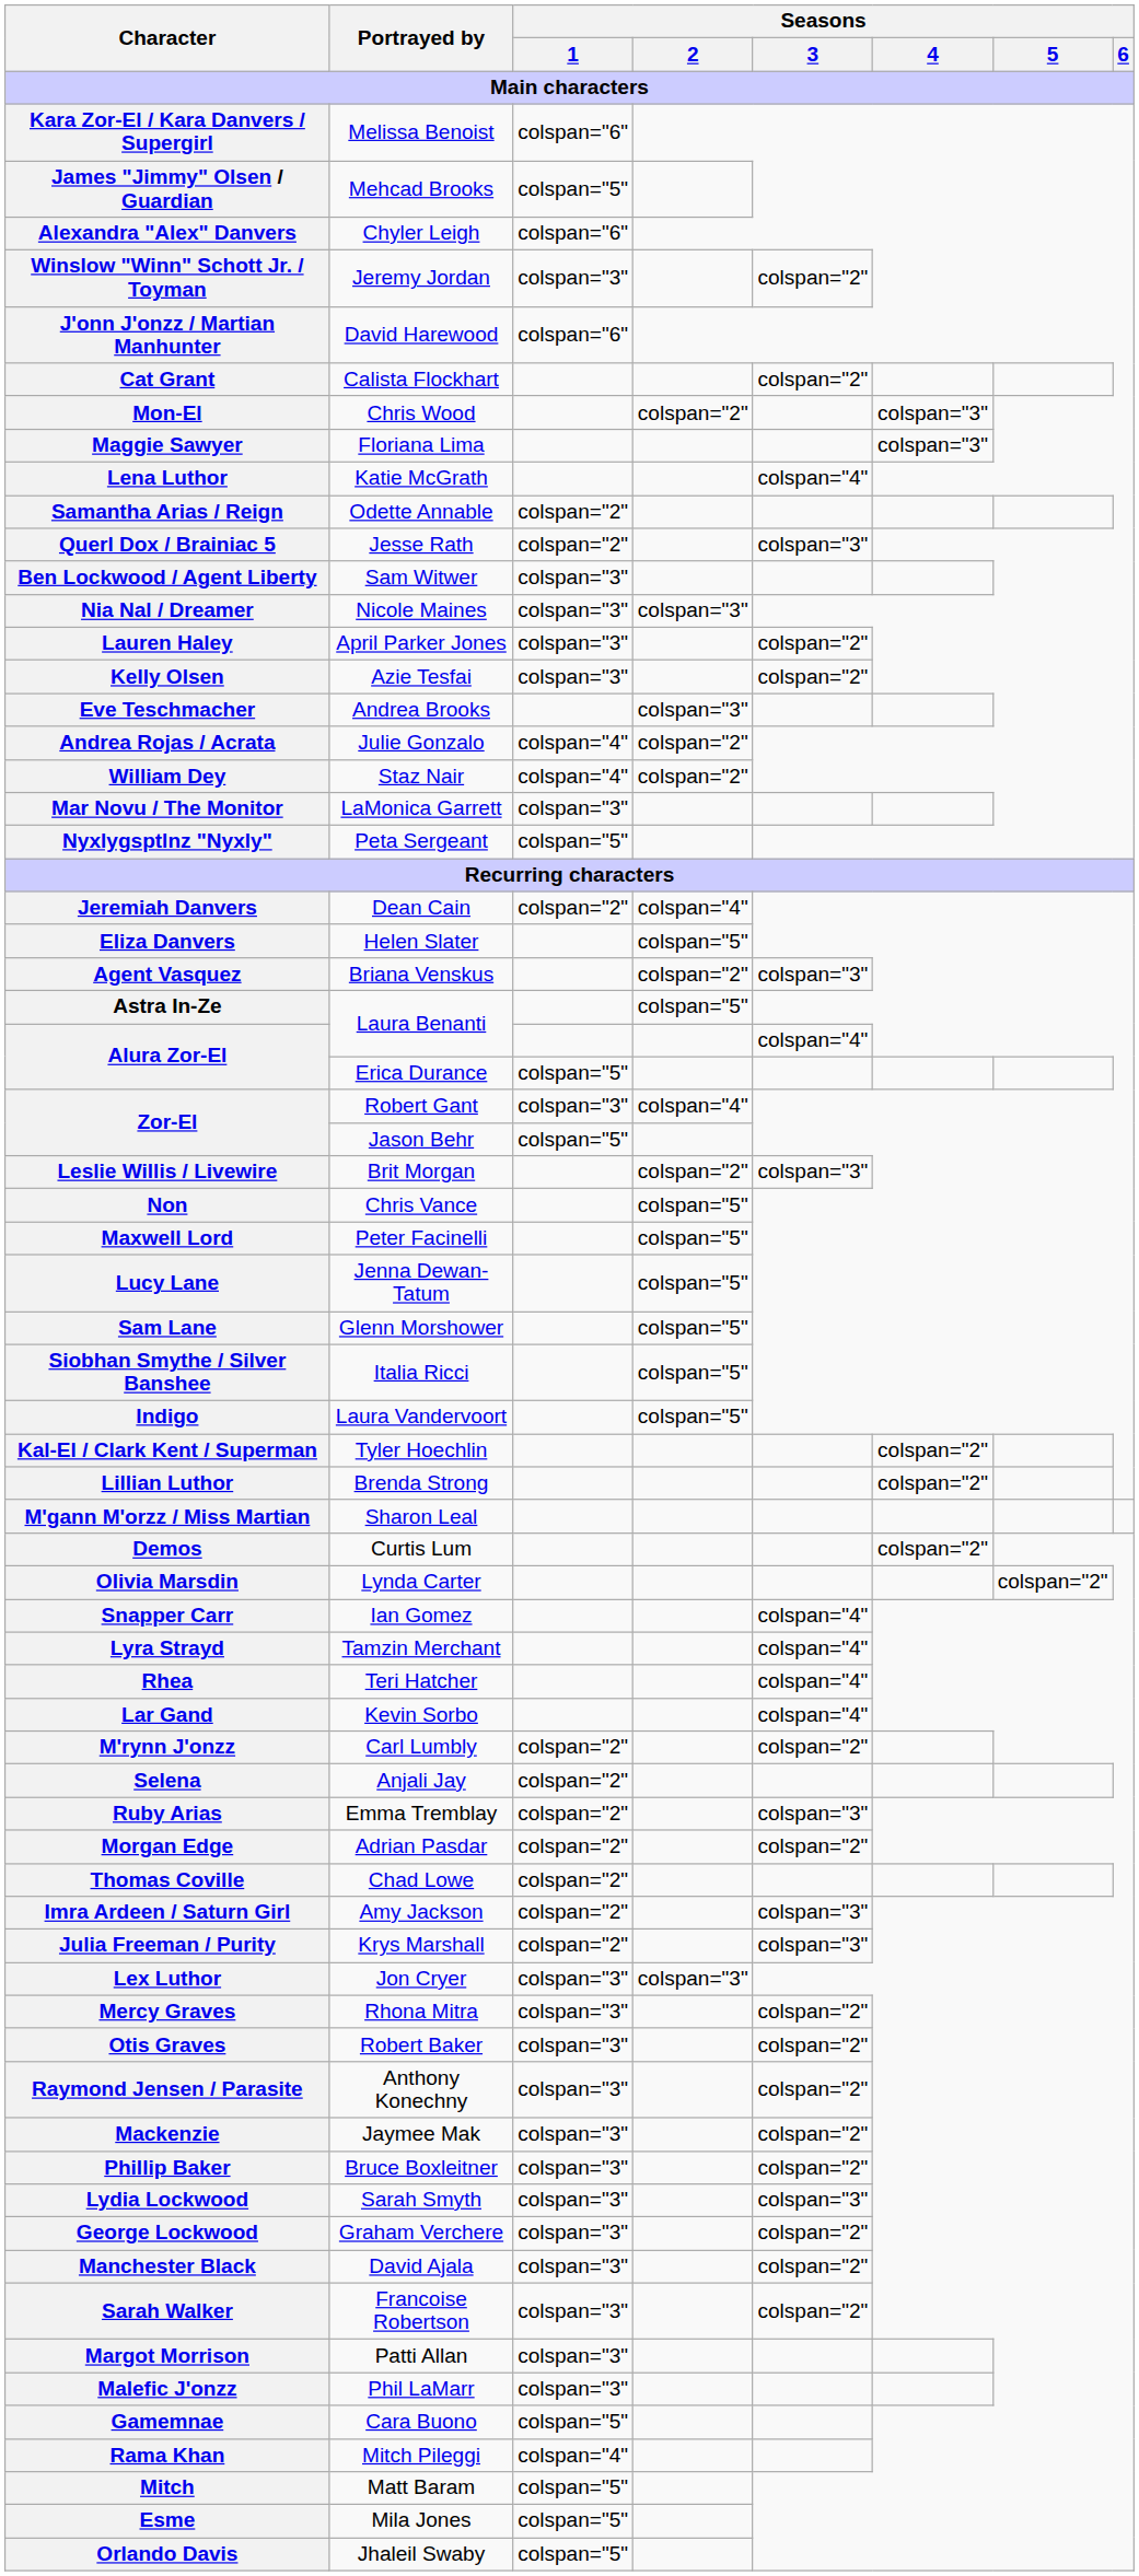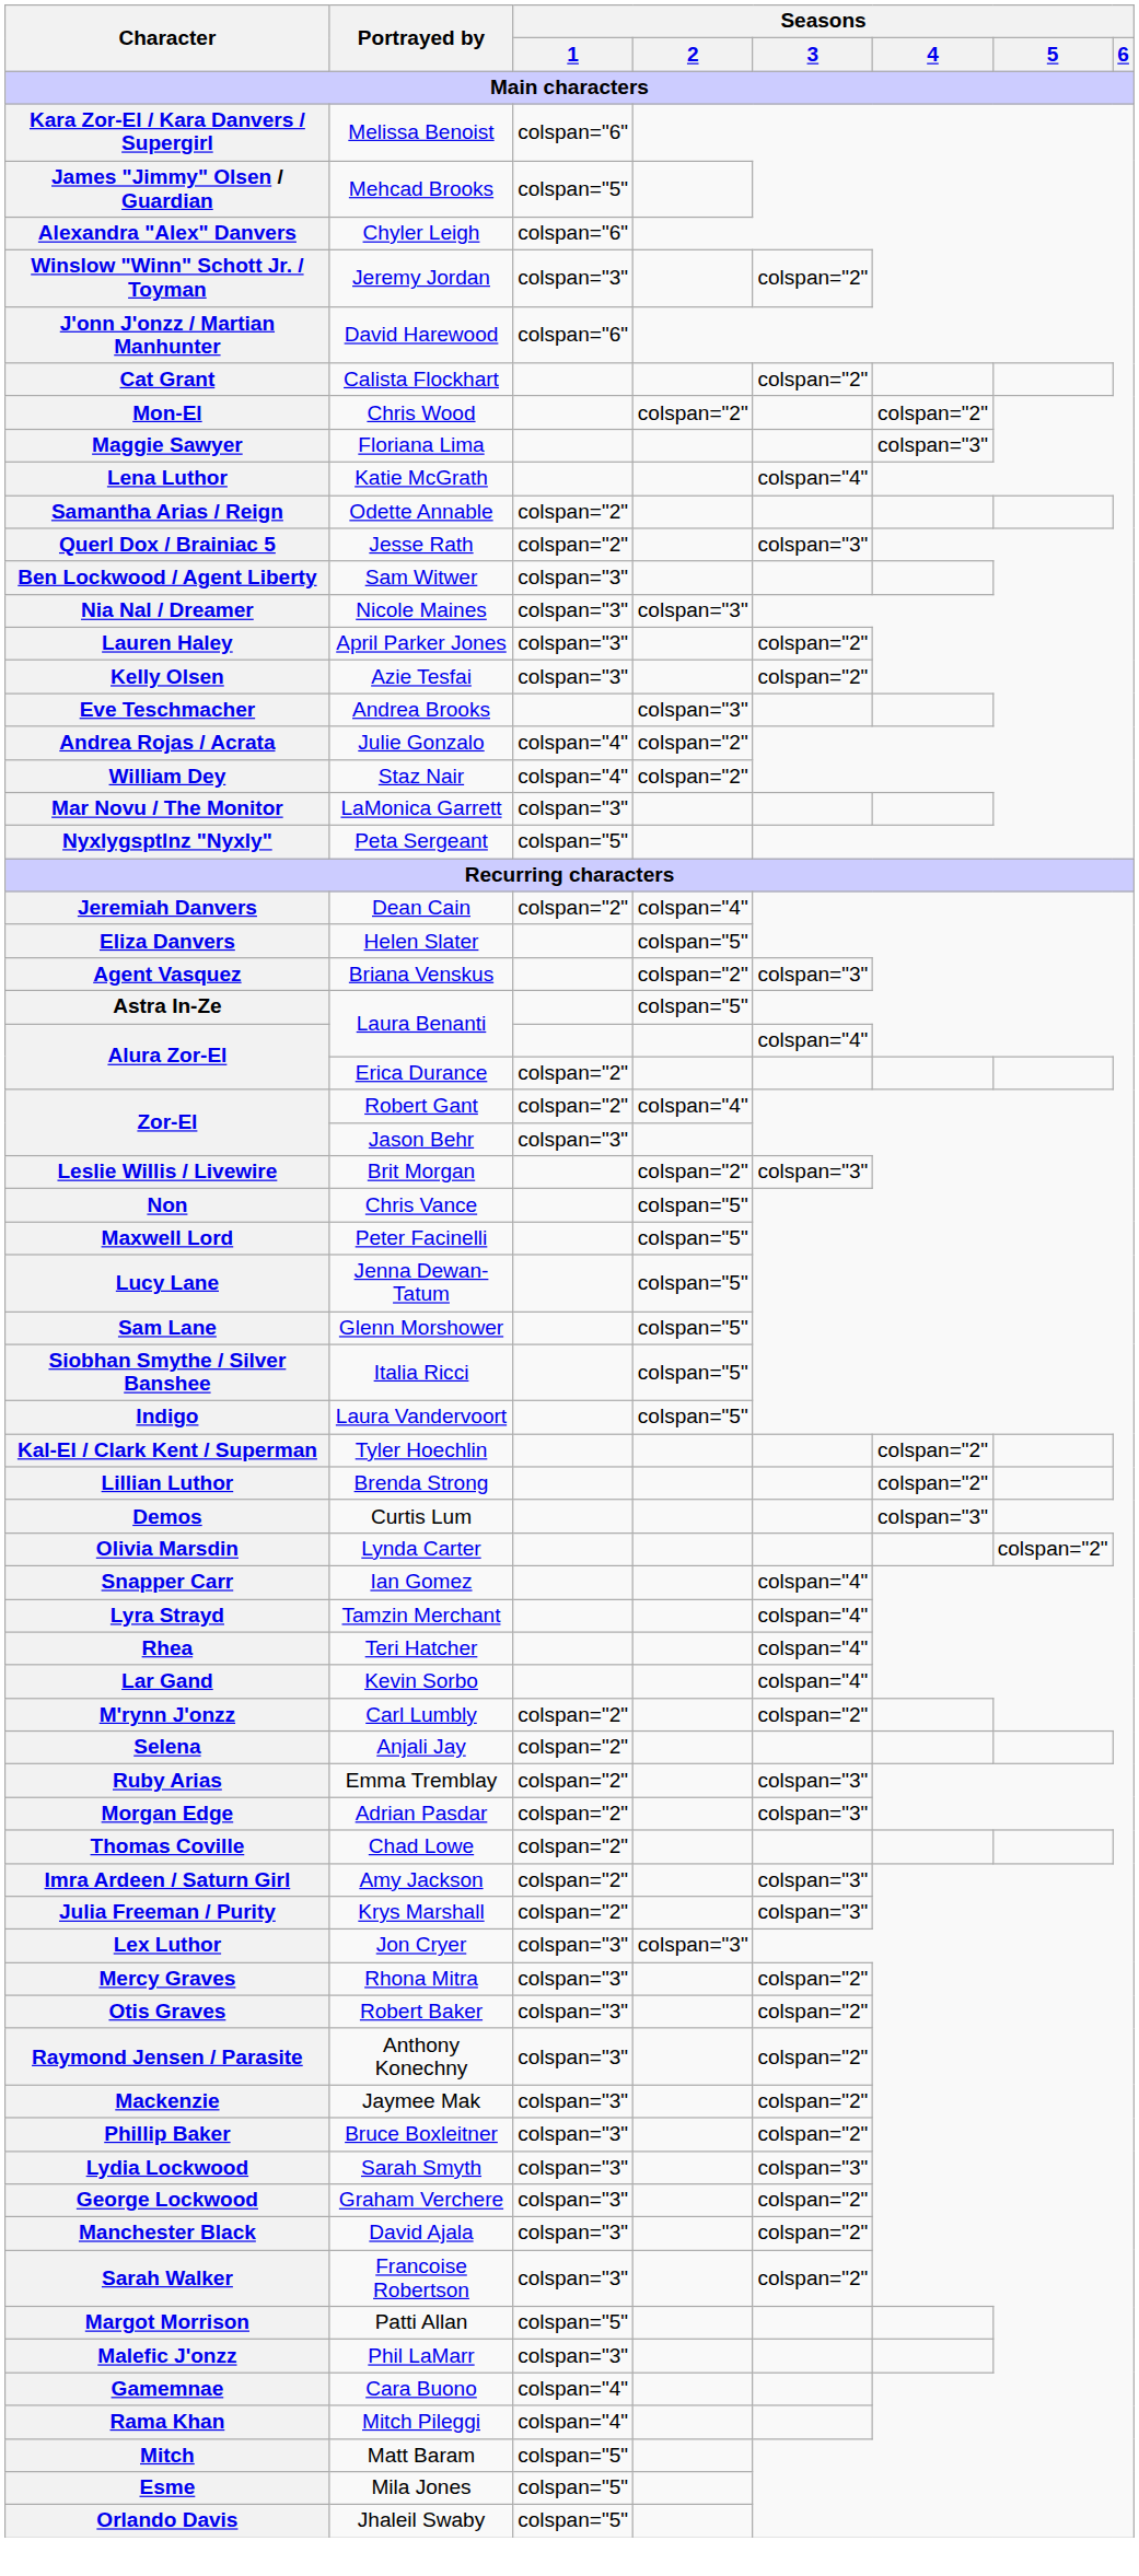 <table class="wikitable plainrowheaders" style="text-align:center;">
 <tr>
 <th scope="col" rowspan="2">Character</th>
 <th scope="col" rowspan="2">Portrayed by</th>
 <th scope="col" colspan="6">Seasons</th>
 </tr>
 <tr>
 <th scope="col"><a href='#'>1</a></th>
 <th scope="col"><a href='#'>2</a></th>
 <th scope="col"><a href='#'>3</a></th>
 <th scope="col"><a href='#'>4</a></th>
 <th scope="col"><a href='#'>5</a></th>
 <th scope="col"><a href='#'>6</a></th>
 </tr>
 <tr>
 <th colspan="8" style="background-color:#ccccff;">Main characters</th>
 </tr>
 <tr>
 <th scope="row"><a href='#'>Kara Zor-El / Kara Danvers / Supergirl</a></th>
 <td><a href='#'>Melissa Benoist</a></td>
 <td>colspan="6" </td>
 </tr>
 <tr>
 <th scope="row"><a href='#'>James "Jimmy" Olsen</a> / <a href='#'>Guardian</a></th>
 <td><a href='#'>Mehcad Brooks</a></td>
 <td>colspan="5" </td>
 <td></td>
 </tr>
 <tr>
 <th scope="row"><a href='#'>Alexandra "Alex" Danvers</a></th>
 <td><a href='#'>Chyler Leigh</a></td>
 <td>colspan="6" </td>
 </tr>
 <tr>
 <th scope="row"><a href='#'>Winslow "Winn" Schott Jr. / Toyman</a></th>
 <td><a href='#'>Jeremy Jordan</a></td>
 <td>colspan="3" </td>
 <td></td>
 <td>colspan="2" </td>
 </tr>
 <tr>
 <th scope="row"><a href='#'>J'onn J'onzz / Martian Manhunter</a></th>
 <td><a href='#'>David Harewood</a></td>
 <td>colspan="6" </td>
 </tr>
 <tr>
 <th scope="row"><a href='#'>Cat Grant</a></th>
 <td><a href='#'>Calista Flockhart</a></td>
 <td></td>
 <td></td>
 <td>colspan="2" </td>
 <td></td>
 <td></td>
 </tr>
 <tr>
 <th scope="row"><a href='#'>Mon-El</a></th>
 <td><a href='#'>Chris Wood</a></td>
 <td></td>
 <td>colspan="2" </td>
 <td></td>
-<td>colspan="3" </td>
+<td>colspan="2" </td>
 </tr>
 <tr>
 <th scope="row"><a href='#'>Maggie Sawyer</a></th>
 <td><a href='#'>Floriana Lima</a></td>
 <td></td>
 <td></td>
 <td></td>
 <td>colspan="3" </td>
 </tr>
 <tr>
 <th scope="row"><a href='#'>Lena Luthor</a></th>
 <td><a href='#'>Katie McGrath</a></td>
 <td></td>
 <td></td>
 <td>colspan="4" </td>
 </tr>
 <tr>
 <th scope="row"><a href='#'>Samantha Arias / Reign</a></th>
 <td><a href='#'>Odette Annable</a></td>
 <td>colspan="2" </td>
 <td></td>
 <td></td>
 <td></td>
 <td></td>
 </tr>
 <tr>
 <th scope="row"><a href='#'>Querl Dox / Brainiac 5</a></th>
 <td><a href='#'>Jesse Rath</a></td>
 <td>colspan="2" </td>
 <td></td>
 <td>colspan="3" </td>
 </tr>
 <tr>
 <th scope="row"><a href='#'>Ben Lockwood / Agent Liberty</a></th>
 <td><a href='#'>Sam Witwer</a></td>
 <td>colspan="3" </td>
 <td></td>
 <td></td>
 <td></td>
 </tr>
 <tr>
 <th scope="row"><a href='#'>Nia Nal / Dreamer</a></th>
 <td><a href='#'>Nicole Maines</a></td>
 <td>colspan="3" </td>
 <td>colspan="3" </td>
 </tr>
 <tr>
 <th scope="row"><a href='#'>Lauren Haley</a></th>
 <td><a href='#'>April Parker Jones</a></td>
 <td>colspan="3" </td>
 <td></td>
 <td>colspan="2" </td>
 </tr>
 <tr>
 <th scope="row"><a href='#'>Kelly Olsen</a></th>
 <td><a href='#'>Azie Tesfai</a></td>
 <td>colspan="3" </td>
 <td></td>
 <td>colspan="2" </td>
 </tr>
 <tr>
 <th scope="row"><a href='#'>Eve Teschmacher</a></th>
 <td><a href='#'>Andrea Brooks</a></td>
 <td></td>
 <td>colspan="3" </td>
 <td></td>
 <td></td>
 </tr>
 <tr>
 <th scope="row"><a href='#'>Andrea Rojas / Acrata</a></th>
 <td><a href='#'>Julie Gonzalo</a></td>
 <td>colspan="4" </td>
 <td>colspan="2" </td>
 </tr>
 <tr>
 <th scope="row"><a href='#'>William Dey</a></th>
 <td><a href='#'>Staz Nair</a></td>
 <td>colspan="4" </td>
 <td>colspan="2" </td>
 </tr>
 <tr>
 <th scope="row"><a href='#'>Mar Novu / The Monitor</a></th>
 <td><a href='#'>LaMonica Garrett</a></td>
 <td>colspan="3" </td>
 <td></td>
 <td></td>
 <td></td>
 </tr>
 <tr>
 <th scope="row"><a href='#'>Nyxlygsptlnz "Nyxly"</a></th>
 <td><a href='#'>Peta Sergeant</a></td>
 <td>colspan="5" </td>
 <td></td>
 </tr>
 <tr>
 <th colspan="8" style="background-color:#ccccff;">Recurring characters<br></th>
 </tr>
 <tr>
 <th scope="row"><a href='#'>Jeremiah Danvers</a></th>
 <td><a href='#'>Dean Cain</a></td>
 <td>colspan="2" </td>
 <td>colspan="4" </td>
 </tr>
 <tr>
 <th scope="row"><a href='#'>Eliza Danvers</a></th>
 <td><a href='#'>Helen Slater</a></td>
 <td></td>
 <td>colspan="5" </td>
 </tr>
 <tr>
 <th scope="row"><a href='#'>Agent Vasquez</a></th>
 <td><a href='#'>Briana Venskus</a></td>
 <td></td>
 <td>colspan="2" </td>
 <td>colspan="3" </td>
 </tr>
 <tr>
 <th scope="row">Astra In-Ze</th>
 <td rowspan="2"><a href='#'>Laura Benanti</a></td>
 <td></td>
 <td>colspan="5" </td>
 </tr>
 <tr>
 <th scope="row" rowspan="2"><a href='#'>Alura Zor-El</a></th>
 <td></td>
 <td></td>
 <td>colspan="4" </td>
 </tr>
 <tr>
 <td><a href='#'>Erica Durance</a></td>
-<td>colspan="5" </td>
+<td>colspan="2" </td>
 <td></td>
 <td></td>
 <td></td>
 <td></td>
 </tr>
 <tr>
 <th scope="row" rowspan="2"><a href='#'>Zor-El</a></th>
 <td><a href='#'>Robert Gant</a></td>
-<td>colspan="3" </td>
+<td>colspan="2" </td>
 <td>colspan="4" </td>
 </tr>
 <tr>
 <td><a href='#'>Jason Behr</a></td>
-<td>colspan="5" </td>
+<td>colspan="3" </td>
 <td></td>
 </tr>
 <tr>
 <th scope="row"><a href='#'>Leslie Willis / Livewire</a></th>
 <td><a href='#'>Brit Morgan</a></td>
 <td></td>
 <td>colspan="2" </td>
 <td>colspan="3" </td>
 </tr>
 <tr>
 <th scope="row"><a href='#'>Non</a></th>
 <td><a href='#'>Chris Vance</a></td>
 <td></td>
 <td>colspan="5" </td>
 </tr>
 <tr>
 <th scope="row"><a href='#'>Maxwell Lord</a></th>
 <td><a href='#'>Peter Facinelli</a></td>
 <td></td>
 <td>colspan="5" </td>
 </tr>
 <tr>
 <th scope="row"><a href='#'>Lucy Lane</a></th>
 <td><a href='#'>Jenna Dewan-Tatum</a></td>
 <td></td>
 <td>colspan="5" </td>
 </tr>
 <tr>
 <th scope="row"><a href='#'>Sam Lane</a></th>
 <td><a href='#'>Glenn Morshower</a></td>
 <td></td>
 <td>colspan="5" </td>
 </tr>
 <tr>
 <th scope="row"><a href='#'>Siobhan Smythe / Silver Banshee</a></th>
 <td><a href='#'>Italia Ricci</a></td>
 <td></td>
 <td>colspan="5" </td>
 </tr>
 <tr>
 <th scope="row"><a href='#'>Indigo</a></th>
 <td><a href='#'>Laura Vandervoort</a></td>
 <td></td>
 <td>colspan="5" </td>
 </tr>
 <tr>
 <th scope="row"><a href='#'>Kal-El / Clark Kent / Superman</a></th>
 <td><a href='#'>Tyler Hoechlin</a></td>
 <td></td>
 <td></td>
 <td></td>
 <td>colspan="2" </td>
 <td></td>
 </tr>
 <tr>
 <th scope="row"><a href='#'>Lillian Luthor</a></th>
 <td><a href='#'>Brenda Strong</a></td>
 <td></td>
 <td></td>
 <td></td>
 <td>colspan="2" </td>
 <td></td>
 </tr>
 <tr>
-<th scope="row"><a href='#'>M'gann M'orzz / Miss Martian</a></th>
-<td><a href='#'>Sharon Leal</a></td>
-<td></td>
-<td></td>
-<td></td>
-<td></td>
-<td></td>
-<td></td>
-</tr>
-<tr>
 <th scope="row"><a href='#'>Demos</a></th>
 <td>Curtis Lum</td>
 <td></td>
 <td></td>
 <td></td>
-<td>colspan="2" </td>
+<td>colspan="3" </td>
 </tr>
 <tr>
 <th scope="row"><a href='#'>Olivia Marsdin</a></th>
 <td><a href='#'>Lynda Carter</a></td>
 <td></td>
 <td></td>
 <td></td>
 <td></td>
 <td>colspan="2" </td>
 </tr>
 <tr>
 <th scope="row"><a href='#'>Snapper Carr</a></th>
 <td><a href='#'>Ian Gomez</a></td>
 <td></td>
 <td></td>
 <td>colspan="4" </td>
 </tr>
 <tr>
 <th scope="row"><a href='#'>Lyra Strayd</a></th>
 <td><a href='#'>Tamzin Merchant</a></td>
 <td></td>
 <td></td>
 <td>colspan="4" </td>
 </tr>
 <tr>
 <th scope="row"><a href='#'>Rhea</a></th>
 <td><a href='#'>Teri Hatcher</a></td>
 <td></td>
 <td></td>
 <td>colspan="4" </td>
 </tr>
 <tr>
 <th scope="row"><a href='#'>Lar Gand</a></th>
 <td><a href='#'>Kevin Sorbo</a></td>
 <td></td>
 <td></td>
 <td>colspan="4" </td>
 </tr>
 <tr>
 <th scope="row"><a href='#'>M'rynn J'onzz</a></th>
 <td><a href='#'>Carl Lumbly</a></td>
 <td>colspan="2" </td>
 <td></td>
 <td>colspan="2" </td>
 <td></td>
 </tr>
 <tr>
 <th scope="row"><a href='#'>Selena</a></th>
 <td><a href='#'>Anjali Jay</a></td>
 <td>colspan="2" </td>
 <td></td>
 <td></td>
 <td></td>
 <td></td>
 </tr>
 <tr>
 <th scope="row"><a href='#'>Ruby Arias</a></th>
 <td>Emma Tremblay</td>
 <td>colspan="2" </td>
 <td></td>
 <td>colspan="3" </td>
 </tr>
 <tr>
 <th scope="row"><a href='#'>Morgan Edge</a></th>
 <td><a href='#'>Adrian Pasdar</a></td>
 <td>colspan="2" </td>
 <td></td>
-<td>colspan="2" </td>
+<td>colspan="3" </td>
 </tr>
 <tr>
 <th scope="row"><a href='#'>Thomas Coville</a></th>
 <td><a href='#'>Chad Lowe</a></td>
 <td>colspan="2" </td>
 <td></td>
 <td></td>
 <td></td>
 <td></td>
 </tr>
 <tr>
 <th scope="row"><a href='#'>Imra Ardeen / Saturn Girl</a></th>
 <td><a href='#'>Amy Jackson</a></td>
 <td>colspan="2" </td>
 <td></td>
 <td>colspan="3" </td>
 </tr>
 <tr>
 <th scope="row"><a href='#'>Julia Freeman / Purity</a></th>
 <td><a href='#'>Krys Marshall</a></td>
 <td>colspan="2" </td>
 <td></td>
 <td>colspan="3" </td>
 </tr>
 <tr>
 <th scope="row"><a href='#'>Lex Luthor</a></th>
 <td><a href='#'>Jon Cryer</a></td>
 <td>colspan="3" </td>
 <td>colspan="3"</td>
 </tr>
 <tr>
 <th scope="row"><a href='#'>Mercy Graves</a></th>
 <td><a href='#'>Rhona Mitra</a></td>
 <td>colspan="3" </td>
 <td></td>
 <td>colspan="2" </td>
 </tr>
 <tr>
 <th scope="row"><a href='#'>Otis Graves</a></th>
 <td><a href='#'>Robert Baker</a></td>
 <td>colspan="3" </td>
 <td></td>
 <td>colspan="2" </td>
 </tr>
 <tr>
 <th scope="row"><a href='#'>Raymond Jensen / Parasite</a></th>
 <td>Anthony Konechny</td>
 <td>colspan="3" </td>
 <td></td>
 <td>colspan="2" </td>
 </tr>
 <tr>
 <th scope="row"><a href='#'>Mackenzie</a></th>
 <td>Jaymee Mak</td>
 <td>colspan="3" </td>
 <td></td>
 <td>colspan="2" </td>
 </tr>
 <tr>
 <th scope="row"><a href='#'>Phillip Baker</a></th>
 <td><a href='#'>Bruce Boxleitner</a></td>
 <td>colspan="3" </td>
 <td></td>
 <td>colspan="2" </td>
 </tr>
 <tr>
 <th scope="row"><a href='#'>Lydia Lockwood</a></th>
 <td><a href='#'>Sarah Smyth</a></td>
 <td>colspan="3" </td>
 <td></td>
 <td>colspan="3" </td>
 </tr>
 <tr>
 <th scope="row"><a href='#'>George Lockwood</a></th>
 <td><a href='#'>Graham Verchere</a></td>
 <td>colspan="3" </td>
 <td></td>
 <td>colspan="2" </td>
 </tr>
 <tr>
 <th scope="row"><a href='#'>Manchester Black</a></th>
 <td><a href='#'>David Ajala</a></td>
 <td>colspan="3" </td>
 <td></td>
 <td>colspan="2" </td>
 </tr>
 <tr>
 <th scope="row"><a href='#'>Sarah Walker</a></th>
 <td><a href='#'>Francoise Robertson</a></td>
 <td>colspan="3" </td>
 <td></td>
 <td>colspan="2" </td>
 </tr>
 <tr>
 <th scope="row"><a href='#'>Margot Morrison</a></th>
 <td>Patti Allan</td>
-<td>colspan="3" </td>
+<td>colspan="5" </td>
 <td></td>
 <td></td>
 <td></td>
 </tr>
 <tr>
 <th scope="row"><a href='#'>Malefic J'onzz</a></th>
 <td><a href='#'>Phil LaMarr</a></td>
 <td>colspan="3" </td>
 <td></td>
 <td></td>
 <td></td>
 </tr>
 <tr>
 <th scope="row"><a href='#'>Gamemnae</a></th>
 <td><a href='#'>Cara Buono</a></td>
-<td>colspan="5" </td>
+<td>colspan="4" </td>
 <td></td>
 <td></td>
 </tr>
 <tr>
 <th scope="row"><a href='#'>Rama Khan</a></th>
 <td><a href='#'>Mitch Pileggi</a></td>
 <td>colspan="4" </td>
 <td></td>
 <td></td>
 </tr>
 <tr>
 <th scope="row"><a href='#'>Mitch</a></th>
 <td>Matt Baram</td>
 <td>colspan="5" </td>
 <td></td>
 </tr>
 <tr>
 <th scope="row"><a href='#'>Esme</a></th>
 <td>Mila Jones</td>
 <td>colspan="5" </td>
 <td></td>
 </tr>
 <tr>
 <th scope="row"><a href='#'>Orlando Davis</a></th>
 <td>Jhaleil Swaby</td>
 <td>colspan="5" </td>
 <td><br></td>
 </tr>
 </table>
